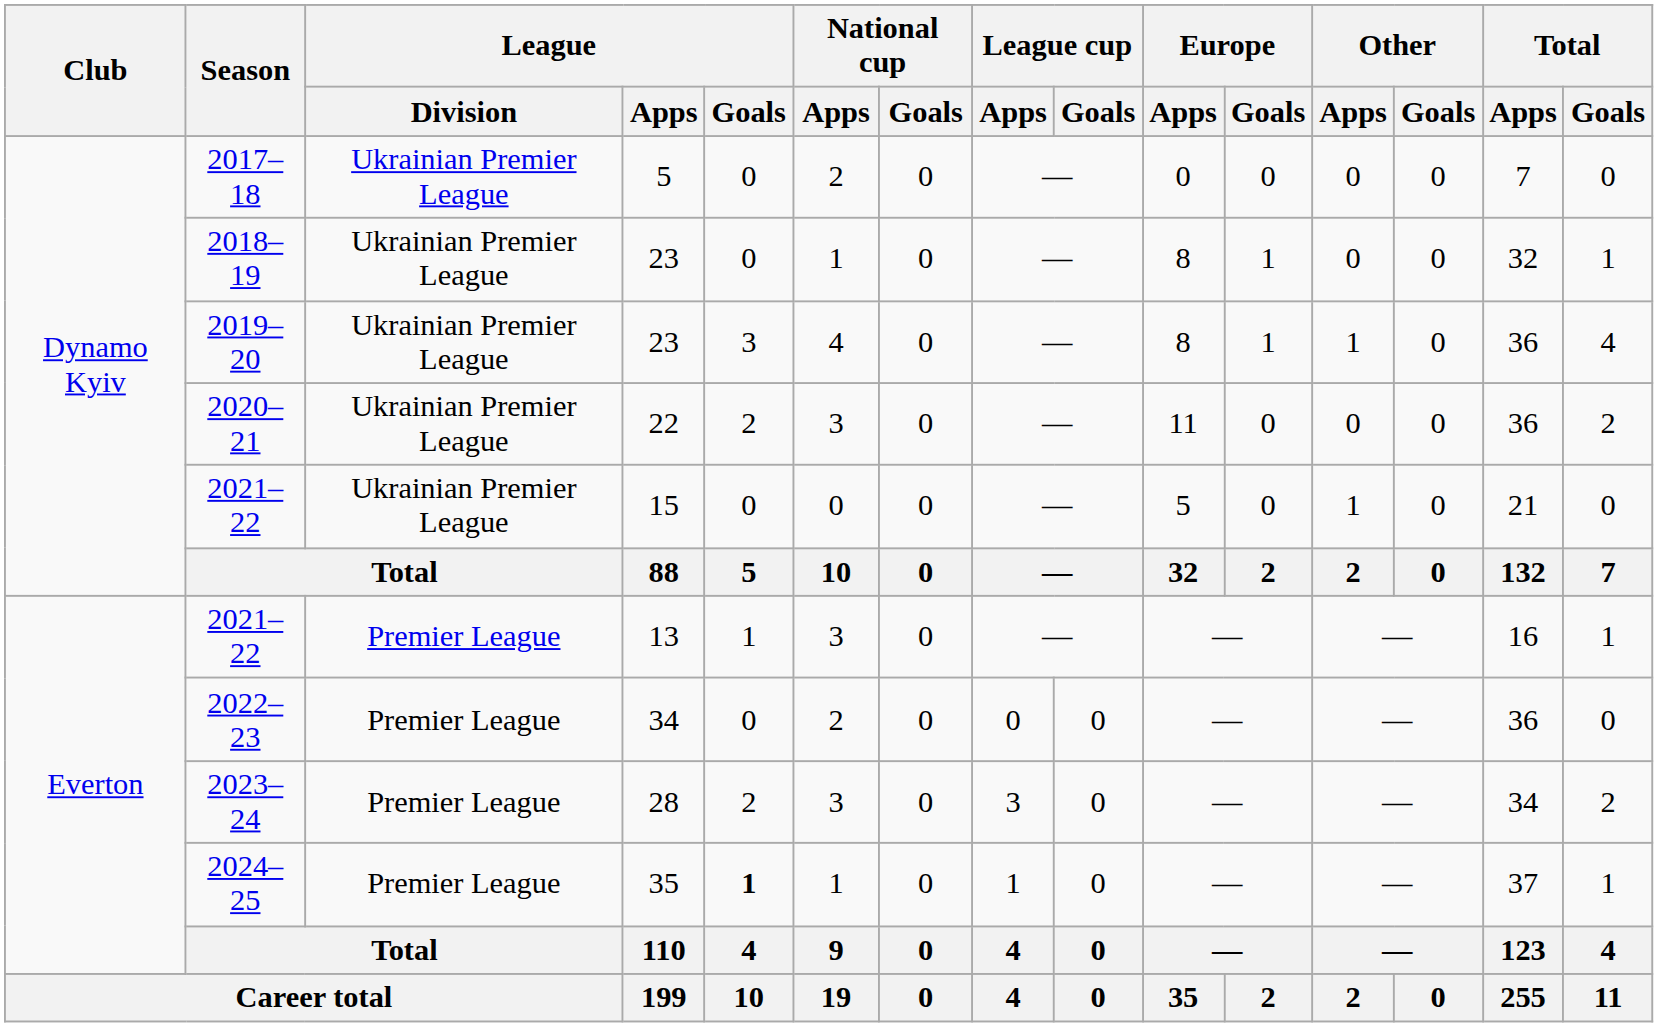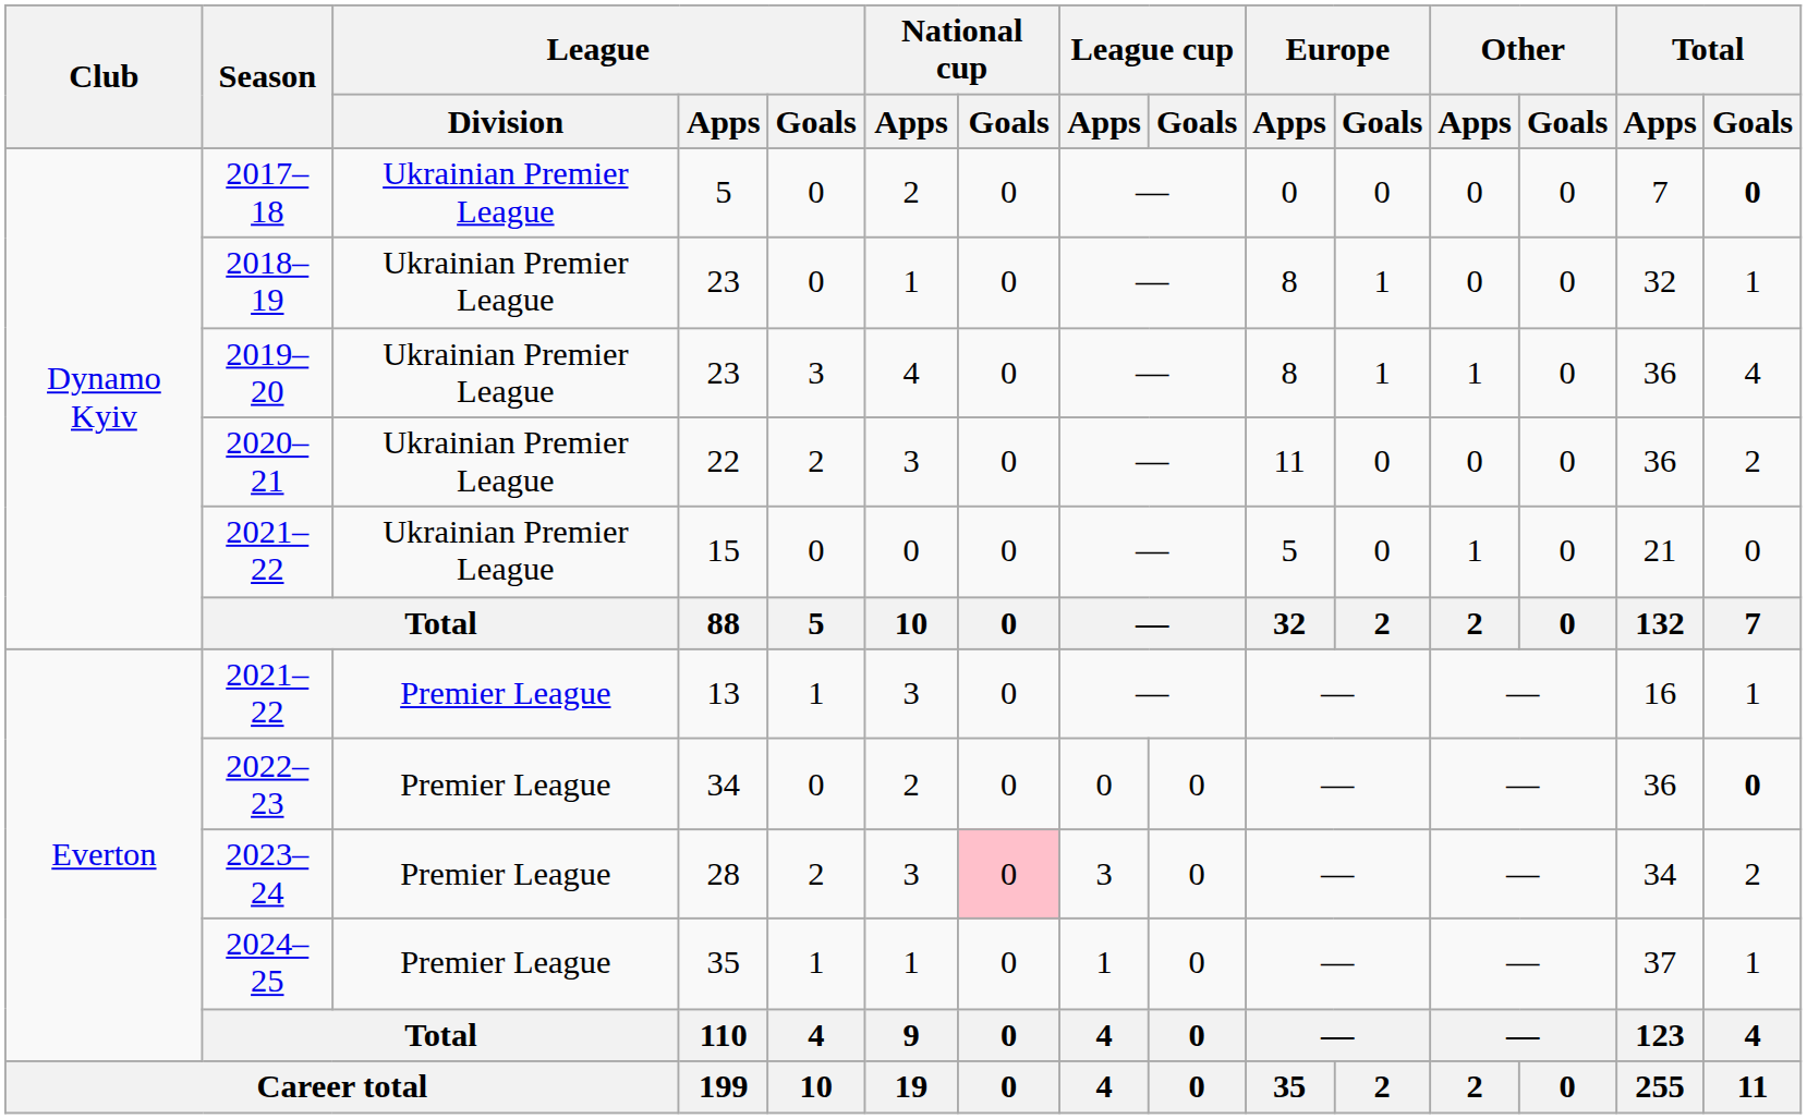 <table class="wikitable" style="text-align:center">
 <tr>
 <th rowspan="2">Club</th>
 <th rowspan="2">Season</th>
 <th colspan="3">League</th>
 <th colspan="2">National cup</th>
 <th colspan="2">League cup</th>
 <th colspan="2">Europe</th>
 <th colspan="2">Other</th>
 <th colspan="2">Total</th>
 </tr>
 <tr>
 <th>Division</th>
 <th>Apps</th>
 <th>Goals</th>
 <th>Apps</th>
 <th>Goals</th>
 <th>Apps</th>
 <th>Goals</th>
 <th>Apps</th>
 <th>Goals</th>
 <th>Apps</th>
 <th>Goals</th>
 <th>Apps</th>
 <th>Goals</th>
 </tr>
 <tr>
 <td rowspan="6"><a href='#'>Dynamo Kyiv</a></td>
 <td><a href='#'>2017–18</a></td>
 <td><a href='#'>Ukrainian Premier League</a></td>
 <td>5</td>
 <td>0</td>
 <td>2</td>
 <td>0</td>
 <td colspan="2">—</td>
 <td>0</td>
 <td>0</td>
 <td>0</td>
 <td>0</td>
 <td>7</td>
-<td>0</td>
+<td><strong>0</strong></td>
 </tr>
 <tr>
 <td><a href='#'>2018–19</a></td>
 <td>Ukrainian Premier League</td>
 <td>23</td>
 <td>0</td>
 <td>1</td>
 <td>0</td>
 <td colspan="2">—</td>
 <td>8</td>
 <td>1</td>
 <td>0</td>
 <td>0</td>
 <td>32</td>
 <td>1</td>
 </tr>
 <tr>
 <td><a href='#'>2019–20</a></td>
 <td>Ukrainian Premier League</td>
 <td>23</td>
 <td>3</td>
 <td>4</td>
 <td>0</td>
 <td colspan="2">—</td>
 <td>8</td>
 <td>1</td>
 <td>1</td>
 <td>0</td>
 <td>36</td>
 <td>4</td>
 </tr>
 <tr>
 <td><a href='#'>2020–21</a></td>
 <td>Ukrainian Premier League</td>
 <td>22</td>
 <td>2</td>
 <td>3</td>
 <td>0</td>
 <td colspan="2">—</td>
 <td>11</td>
 <td>0</td>
 <td>0</td>
 <td>0</td>
 <td>36</td>
 <td>2</td>
 </tr>
 <tr>
 <td><a href='#'>2021–22</a></td>
 <td>Ukrainian Premier League</td>
 <td>15</td>
 <td>0</td>
 <td>0</td>
 <td>0</td>
 <td colspan="2">—</td>
 <td>5</td>
 <td>0</td>
 <td>1</td>
 <td>0</td>
 <td>21</td>
 <td>0</td>
 </tr>
 <tr>
 <th colspan="2">Total</th>
 <th>88</th>
 <th>5</th>
 <th>10</th>
 <th>0</th>
 <th colspan="2">—</th>
 <th>32</th>
 <th>2</th>
 <th>2</th>
 <th>0</th>
 <th>132</th>
 <th>7</th>
 </tr>
 <tr>
 <td rowspan="5"><a href='#'>Everton</a></td>
 <td><a href='#'>2021–22</a></td>
 <td><a href='#'>Premier League</a></td>
 <td>13</td>
 <td>1</td>
 <td>3</td>
 <td>0</td>
 <td colspan="2">—</td>
 <td colspan="2">—</td>
 <td colspan="2">—</td>
 <td>16</td>
 <td>1</td>
 </tr>
 <tr>
 <td><a href='#'>2022–23</a></td>
 <td>Premier League</td>
 <td>34</td>
 <td>0</td>
 <td>2</td>
 <td>0</td>
 <td>0</td>
 <td>0</td>
 <td colspan="2">—</td>
 <td colspan="2">—</td>
 <td>36</td>
-<td>0</td>
+<td><strong>0</strong></td>
 </tr>
 <tr>
 <td><a href='#'>2023–24</a></td>
 <td>Premier League</td>
 <td>28</td>
 <td>2</td>
 <td>3</td>
-<td>0</td>
+<td style="background: pink;">0</td>
 <td>3</td>
 <td>0</td>
 <td colspan="2">—</td>
 <td colspan="2">—</td>
 <td>34</td>
 <td>2</td>
 </tr>
 <tr>
 <td><a href='#'>2024–25</a></td>
 <td>Premier League</td>
 <td>35</td>
-<td><strong>1</strong></td>
+<td>1</td>
 <td>1</td>
 <td>0</td>
 <td>1</td>
 <td>0</td>
 <td colspan="2">—</td>
 <td colspan="2">—</td>
 <td>37</td>
 <td>1</td>
 </tr>
 <tr>
 <th colspan="2">Total</th>
 <th>110</th>
 <th>4</th>
 <th>9</th>
 <th>0</th>
 <th>4</th>
 <th>0</th>
 <th colspan="2">—</th>
 <th colspan="2">—</th>
 <th>123</th>
 <th>4</th>
 </tr>
 <tr>
 <th colspan="3">Career total</th>
 <th>199</th>
 <th>10</th>
 <th>19</th>
 <th>0</th>
 <th>4</th>
 <th>0</th>
 <th>35</th>
 <th>2</th>
 <th>2</th>
 <th>0</th>
 <th>255</th>
 <th>11</th>
 </tr>
 </table>
